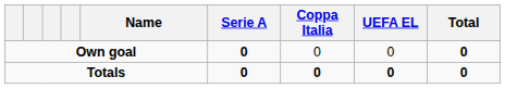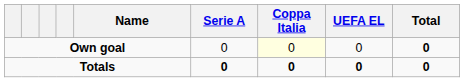 <table class="wikitable" style="text-align:center">
 <tr>
 <th width=15></th>
 <th width=15></th>
 <th width=15></th>
 <th width=15></th>
 <th width=145>Name</th>
 <th width=80><strong><a href='#'>Serie A</a></strong></th>
 <th width=80><strong><a href='#'>Coppa Italia</a></strong></th>
 <th width=80><strong><a href='#'>UEFA EL</a></strong></th>
 <th width=80>Total</th>
 </tr>
 <tr>
 <td colspan=5><strong>Own goal</strong></td>
-<td><strong>0</strong></td>
 <td>0</td>
+<td style="background: lightyellow;">0</td>
 <td>0</td>
 <td><strong>0</strong></td>
 </tr>
 <tr>
 <td colspan=5><strong>Totals</strong></td>
 <td><strong>0</strong></td>
 <td><strong>0</strong></td>
 <td><strong>0</strong></td>
 <td><strong>0</strong></td>
 </tr>
 </table>
